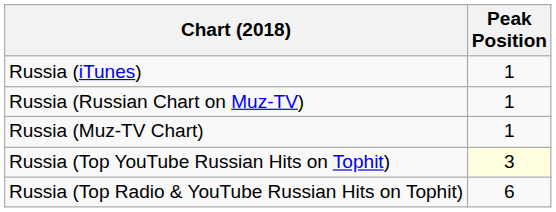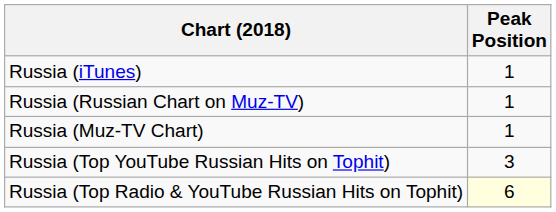 <table class="wikitable">
 <tr>
 <th>Chart (2018)</th>
 <th>Peak<br>Position</th>
 </tr>
 <tr>
 <td>Russia (<a href='#'>iTunes</a>)</td>
 <td style="text-align:center">1</td>
 </tr>
 <tr>
 <td>Russia (Russian Chart on <a href='#'>Muz-TV</a>)</td>
 <td style="text-align:center">1</td>
 </tr>
 <tr>
 <td>Russia (Muz-TV Chart)</td>
 <td style="text-align:center">1</td>
 </tr>
 <tr>
 <td>Russia (Top YouTube Russian Hits on <a href='#'>Tophit</a>)</td>
-<td style="background: lightyellow; text-align:center">3</td>
+<td style="text-align:center">3</td>
 </tr>
 <tr>
 <td>Russia (Top Radio & YouTube Russian Hits on Tophit)</td>
-<td style="text-align:center">6</td>
+<td style="background: lightyellow; text-align:center">6</td>
 </tr>
 </table>
